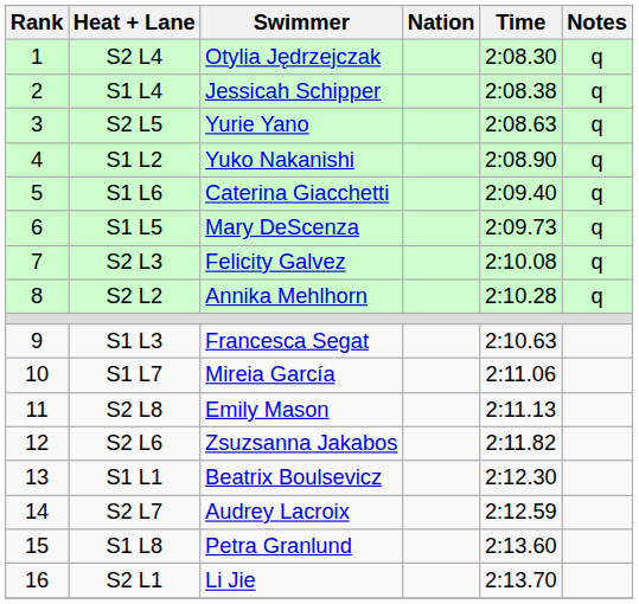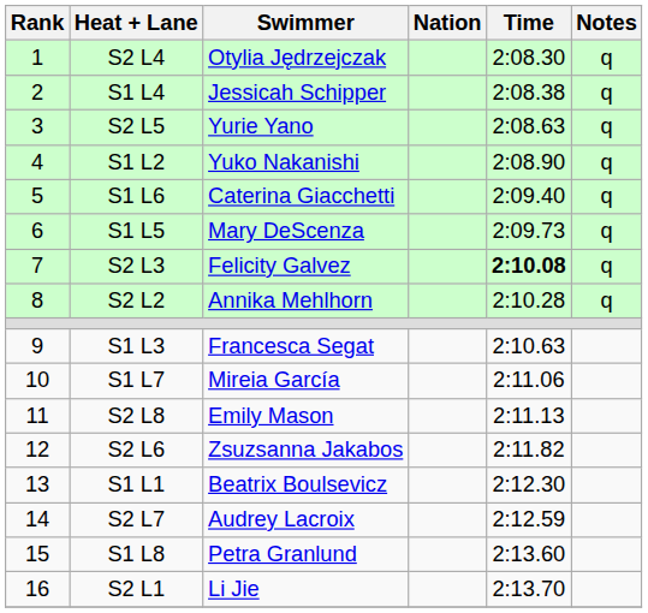 <table class="wikitable sortable" style="text-align:center">
 <tr>
 <th>Rank</th>
 <th>Heat + Lane</th>
 <th>Swimmer</th>
 <th>Nation</th>
 <th>Time</th>
 <th>Notes</th>
 </tr>
 <tr bgcolor=ccffcc>
 <td>1</td>
 <td>S2 L4</td>
 <td align=left><a href='#'>Otylia Jędrzejczak</a></td>
 <td align=left></td>
 <td>2:08.30</td>
 <td>q</td>
 </tr>
 <tr bgcolor=ccffcc>
 <td>2</td>
 <td>S1 L4</td>
 <td align=left><a href='#'>Jessicah Schipper</a></td>
 <td align=left></td>
 <td>2:08.38</td>
 <td>q</td>
 </tr>
 <tr bgcolor=ccffcc>
 <td>3</td>
 <td>S2 L5</td>
 <td align=left><a href='#'>Yurie Yano</a></td>
 <td align=left></td>
 <td>2:08.63</td>
 <td>q</td>
 </tr>
 <tr bgcolor=ccffcc>
 <td>4</td>
 <td>S1 L2</td>
 <td align=left><a href='#'>Yuko Nakanishi</a></td>
 <td align=left></td>
 <td>2:08.90</td>
 <td>q</td>
 </tr>
 <tr bgcolor=ccffcc>
 <td>5</td>
 <td>S1 L6</td>
 <td align=left><a href='#'>Caterina Giacchetti</a></td>
 <td align=left></td>
 <td>2:09.40</td>
 <td>q</td>
 </tr>
 <tr bgcolor=ccffcc>
 <td>6</td>
 <td>S1 L5</td>
 <td align=left><a href='#'>Mary DeScenza</a></td>
 <td align=left></td>
 <td>2:09.73</td>
 <td>q</td>
 </tr>
 <tr bgcolor=ccffcc>
 <td>7</td>
 <td>S2 L3</td>
 <td align=left><a href='#'>Felicity Galvez</a></td>
 <td align=left></td>
-<td>2:10.08</td>
+<td><strong>2:10.08</strong></td>
 <td>q</td>
 </tr>
 <tr bgcolor=ccffcc>
 <td>8</td>
 <td>S2 L2</td>
 <td align=left><a href='#'>Annika Mehlhorn</a></td>
 <td align=left></td>
 <td>2:10.28</td>
 <td>q</td>
 </tr>
 <tr bgcolor=#DDDDDD>
 <td colspan=6></td>
 </tr>
 <tr>
 <td>9</td>
 <td>S1 L3</td>
 <td align=left><a href='#'>Francesca Segat</a></td>
 <td align=left></td>
 <td>2:10.63</td>
 <td></td>
 </tr>
 <tr>
 <td>10</td>
 <td>S1 L7</td>
 <td align=left><a href='#'>Mireia García</a></td>
 <td align=left></td>
 <td>2:11.06</td>
 <td></td>
 </tr>
 <tr>
 <td>11</td>
 <td>S2 L8</td>
 <td align=left><a href='#'>Emily Mason</a></td>
 <td align=left></td>
 <td>2:11.13</td>
 <td></td>
 </tr>
 <tr>
 <td>12</td>
 <td>S2 L6</td>
 <td align=left><a href='#'>Zsuzsanna Jakabos</a></td>
 <td align=left></td>
 <td>2:11.82</td>
 <td></td>
 </tr>
 <tr>
 <td>13</td>
 <td>S1 L1</td>
 <td align=left><a href='#'>Beatrix Boulsevicz</a></td>
 <td align=left></td>
 <td>2:12.30</td>
 <td></td>
 </tr>
 <tr>
 <td>14</td>
 <td>S2 L7</td>
 <td align=left><a href='#'>Audrey Lacroix</a></td>
 <td align=left></td>
 <td>2:12.59</td>
 <td></td>
 </tr>
 <tr>
 <td>15</td>
 <td>S1 L8</td>
 <td align=left><a href='#'>Petra Granlund</a></td>
 <td align=left></td>
 <td>2:13.60</td>
 <td></td>
 </tr>
 <tr>
 <td>16</td>
 <td>S2 L1</td>
 <td align=left><a href='#'>Li Jie</a></td>
 <td align=left></td>
 <td>2:13.70</td>
 <td></td>
 </tr>
 <tr>
 </tr>
 </table>
